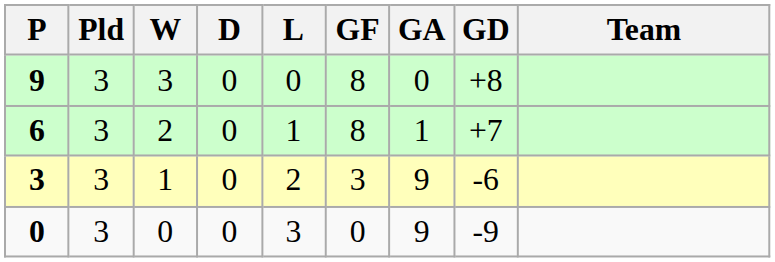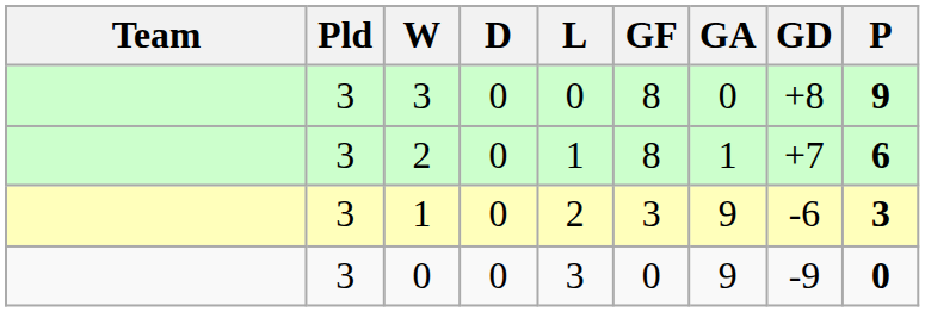 <table class="wikitable">
 <tr>
-<th width=25>P</th>
+<th width=120>Team</th>
 <th width=25>Pld</th>
 <th width=25>W</th>
 <th width=25>D</th>
 <th width=25>L</th>
 <th width=25>GF</th>
 <th width=25>GA</th>
 <th width=25>GD</th>
-<th width=120>Team</th>
+<th width=25>P</th>
 </tr>
 <tr align=center bgcolor=#ccffcc>
-<td><strong>9</strong></td>
+<td align=left><strong></strong></td>
 <td>3</td>
 <td>3</td>
 <td>0</td>
 <td>0</td>
 <td>8</td>
 <td>0</td>
 <td>+8</td>
-<td align=left><strong></strong></td>
+<td><strong>9</strong></td>
 </tr>
 <tr align=center bgcolor=#ccffcc>
-<td><strong>6</strong></td>
+<td align=left><strong></strong></td>
 <td>3</td>
 <td>2</td>
 <td>0</td>
 <td>1</td>
 <td>8</td>
 <td>1</td>
 <td>+7</td>
-<td align=left><strong></strong></td>
+<td><strong>6</strong></td>
 </tr>
 <tr align=center bgcolor=#ffffbb>
-<td><strong>3</strong></td>
+<td align=left><strong></strong></td>
 <td>3</td>
 <td>1</td>
 <td>0</td>
 <td>2</td>
 <td>3</td>
 <td>9</td>
 <td>-6</td>
-<td align=left><strong></strong></td>
+<td><strong>3</strong></td>
 </tr>
 <tr align=center>
-<td><strong>0</strong></td>
+<td align=left><strong></strong></td>
 <td>3</td>
 <td>0</td>
 <td>0</td>
 <td>3</td>
 <td>0</td>
 <td>9</td>
 <td>-9</td>
-<td align=left><strong></strong></td>
+<td><strong>0</strong></td>
 </tr>
 </table>
